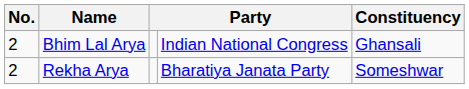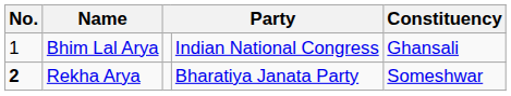 <table class="wikitable sortable">
 <tr>
 <th>No.</th>
 <th>Name</th>
 <th colspan=2>Party</th>
 <th>Constituency</th>
 </tr>
 <tr>
-<td>2</td>
+<td>1</td>
 <td><a href='#'>Bhim Lal Arya</a></td>
 <td></td>
 <td><a href='#'>Indian National Congress</a></td>
 <td><a href='#'>Ghansali</a></td>
 </tr>
 <tr>
-<td>2</td>
+<td><strong>2</strong></td>
 <td><a href='#'>Rekha Arya</a></td>
 <td></td>
 <td><a href='#'>Bharatiya Janata Party</a></td>
 <td><a href='#'>Someshwar</a></td>
 </tr>
 </table>
